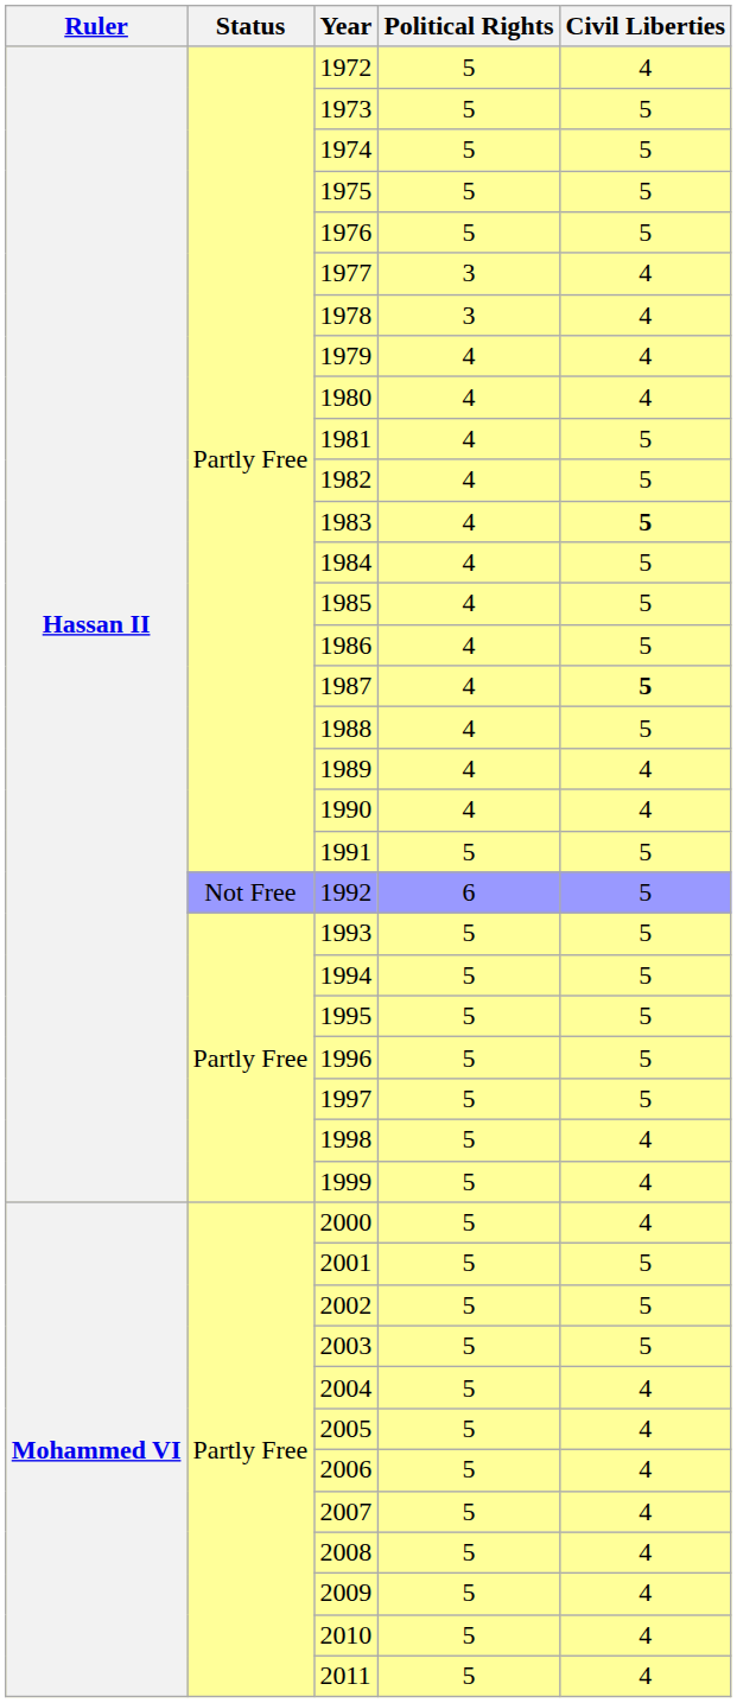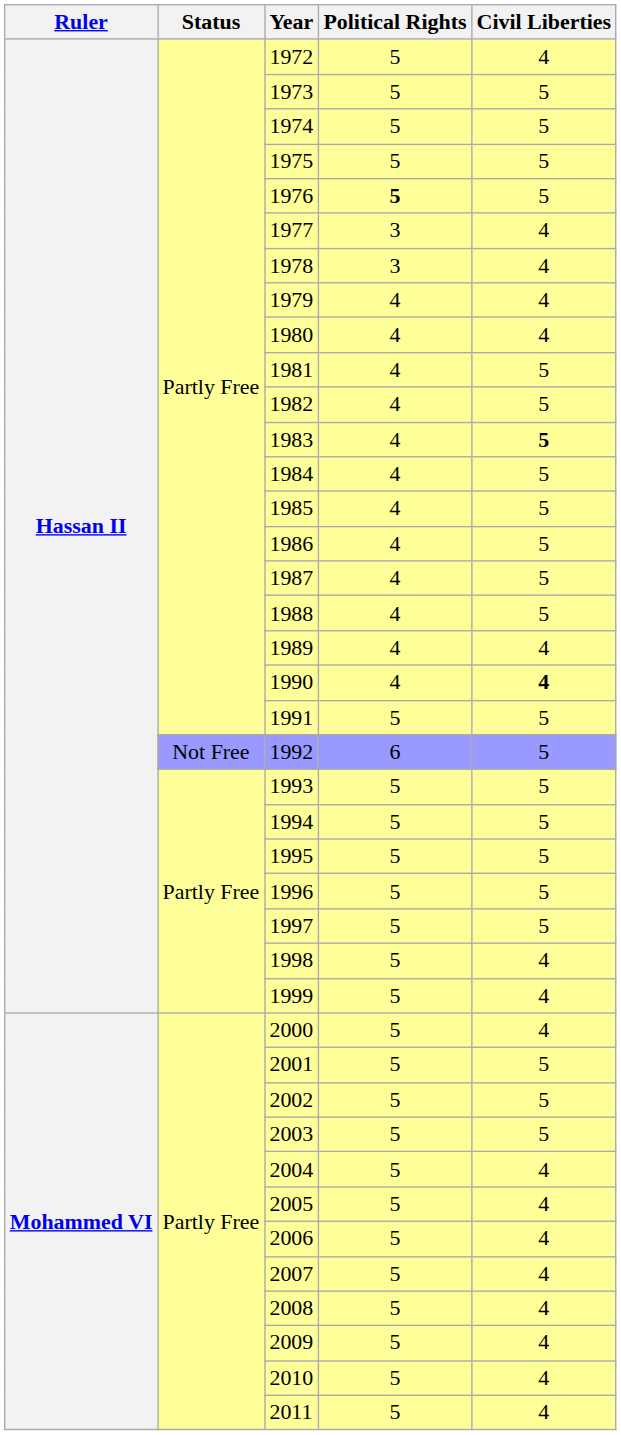 <table class="wikitable sortable" style="text-align: center">
 <tr>
 <th scope="col"><a href='#'>Ruler</a></th>
 <th scope="col">Status</th>
 <th scope="col" style="text-align:left;">Year</th>
 <th scope="col">Political Rights</th>
 <th scope="col">Civil Liberties</th>
 </tr>
 <tr style="background:#ff9;">
 <th scope="row" rowspan="28"><a href='#'>Hassan II</a></th>
 <td rowspan="20">Partly Free</td>
 <td style="text-align: left">1972</td>
 <td>5</td>
 <td>4</td>
 </tr>
 <tr style="background:#ff9;">
 <td style="text-align: left">1973</td>
 <td>5</td>
 <td>5</td>
 </tr>
 <tr style="background:#ff9;">
 <td style="text-align: left">1974</td>
 <td>5</td>
 <td>5</td>
 </tr>
 <tr style="background:#ff9;">
 <td style="text-align: left">1975</td>
 <td>5</td>
 <td>5</td>
 </tr>
 <tr style="background:#ff9;">
 <td style="text-align: left">1976</td>
-<td>5</td>
+<td><strong>5</strong></td>
 <td>5</td>
 </tr>
 <tr style="background:#ff9;">
 <td style="text-align: left">1977</td>
 <td>3</td>
 <td>4</td>
 </tr>
 <tr style="background:#ff9;">
 <td style="text-align: left">1978</td>
 <td>3</td>
 <td>4</td>
 </tr>
 <tr style="background:#ff9;">
 <td style="text-align: left">1979</td>
 <td>4</td>
 <td>4</td>
 </tr>
 <tr style="background:#ff9;">
 <td style="text-align: left">1980</td>
 <td>4</td>
 <td>4</td>
 </tr>
 <tr style="background:#ff9;">
 <td style="text-align: left">1981</td>
 <td>4</td>
 <td>5</td>
 </tr>
 <tr style="background:#ff9;">
 <td style="text-align: left">1982</td>
 <td>4</td>
 <td>5</td>
 </tr>
 <tr style="background:#ff9;">
 <td style="text-align: left">1983</td>
 <td>4</td>
 <td><strong>5</strong></td>
 </tr>
 <tr style="background:#ff9;">
 <td style="text-align: left">1984</td>
 <td>4</td>
 <td>5</td>
 </tr>
 <tr style="background:#ff9;">
 <td style="text-align: left">1985</td>
 <td>4</td>
 <td>5</td>
 </tr>
 <tr style="background:#ff9;">
 <td style="text-align: left">1986</td>
 <td>4</td>
 <td>5</td>
 </tr>
 <tr style="background:#ff9;">
 <td style="text-align: left">1987</td>
 <td>4</td>
-<td><strong>5</strong></td>
+<td>5</td>
 </tr>
 <tr style="background:#ff9;">
 <td style="text-align: left">1988</td>
 <td>4</td>
 <td>5</td>
 </tr>
 <tr style="background:#ff9;">
 <td style="text-align: left">1989</td>
 <td>4</td>
 <td>4</td>
 </tr>
 <tr style="background:#ff9;">
 <td style="text-align: left">1990</td>
 <td>4</td>
-<td>4</td>
+<td><strong>4</strong></td>
 </tr>
 <tr style="background:#ff9;">
 <td style="text-align: left">1991</td>
 <td>5</td>
 <td>5</td>
 </tr>
 <tr style="background:#99f;">
 <td>Not Free</td>
 <td style="text-align: left">1992</td>
 <td>6</td>
 <td>5</td>
 </tr>
 <tr style="background:#ff9;">
 <td rowspan="7">Partly Free</td>
 <td style="text-align: left">1993</td>
 <td>5</td>
 <td>5</td>
 </tr>
 <tr style="background:#ff9;">
 <td style="text-align: left">1994</td>
 <td>5</td>
 <td>5</td>
 </tr>
 <tr style="background:#ff9;">
 <td style="text-align: left">1995</td>
 <td>5</td>
 <td>5</td>
 </tr>
 <tr style="background:#ff9;">
 <td style="text-align: left">1996</td>
 <td>5</td>
 <td>5</td>
 </tr>
 <tr style="background:#ff9;">
 <td style="text-align: left">1997</td>
 <td>5</td>
 <td>5</td>
 </tr>
 <tr style="background:#ff9;">
 <td style="text-align: left">1998</td>
 <td>5</td>
 <td>4</td>
 </tr>
 <tr style="background:#ff9;">
 <td style="text-align: left">1999</td>
 <td>5</td>
 <td>4</td>
 </tr>
 <tr style="background:#ff9;">
 <th scope="row" rowspan="12"><a href='#'>Mohammed VI</a></th>
 <td rowspan="12">Partly Free</td>
 <td style="text-align: left">2000</td>
 <td>5</td>
 <td>4</td>
 </tr>
 <tr style="background:#ff9;">
 <td style="text-align: left">2001</td>
 <td>5</td>
 <td>5</td>
 </tr>
 <tr style="background:#ff9;">
 <td style="text-align: left">2002</td>
 <td>5</td>
 <td>5</td>
 </tr>
 <tr style="background:#ff9;">
 <td style="text-align: left">2003</td>
 <td>5</td>
 <td>5</td>
 </tr>
 <tr style="background:#ff9;">
 <td style="text-align: left">2004</td>
 <td>5</td>
 <td>4</td>
 </tr>
 <tr style="background:#ff9;">
 <td style="text-align: left">2005</td>
 <td>5</td>
 <td>4</td>
 </tr>
 <tr style="background:#ff9;">
 <td style="text-align: left">2006</td>
 <td>5</td>
 <td>4</td>
 </tr>
 <tr style="background:#ff9;">
 <td style="text-align: left">2007</td>
 <td>5</td>
 <td>4</td>
 </tr>
 <tr style="background:#ff9;">
 <td style="text-align: left">2008</td>
 <td>5</td>
 <td>4</td>
 </tr>
 <tr style="background:#ff9;">
 <td style="text-align: left">2009</td>
 <td>5</td>
 <td>4</td>
 </tr>
 <tr style="background:#ff9;">
 <td style="text-align: left">2010</td>
 <td>5</td>
 <td>4</td>
 </tr>
 <tr style="background:#ff9;">
 <td style="text-align: left">2011</td>
 <td>5</td>
 <td>4</td>
 </tr>
 </table>
